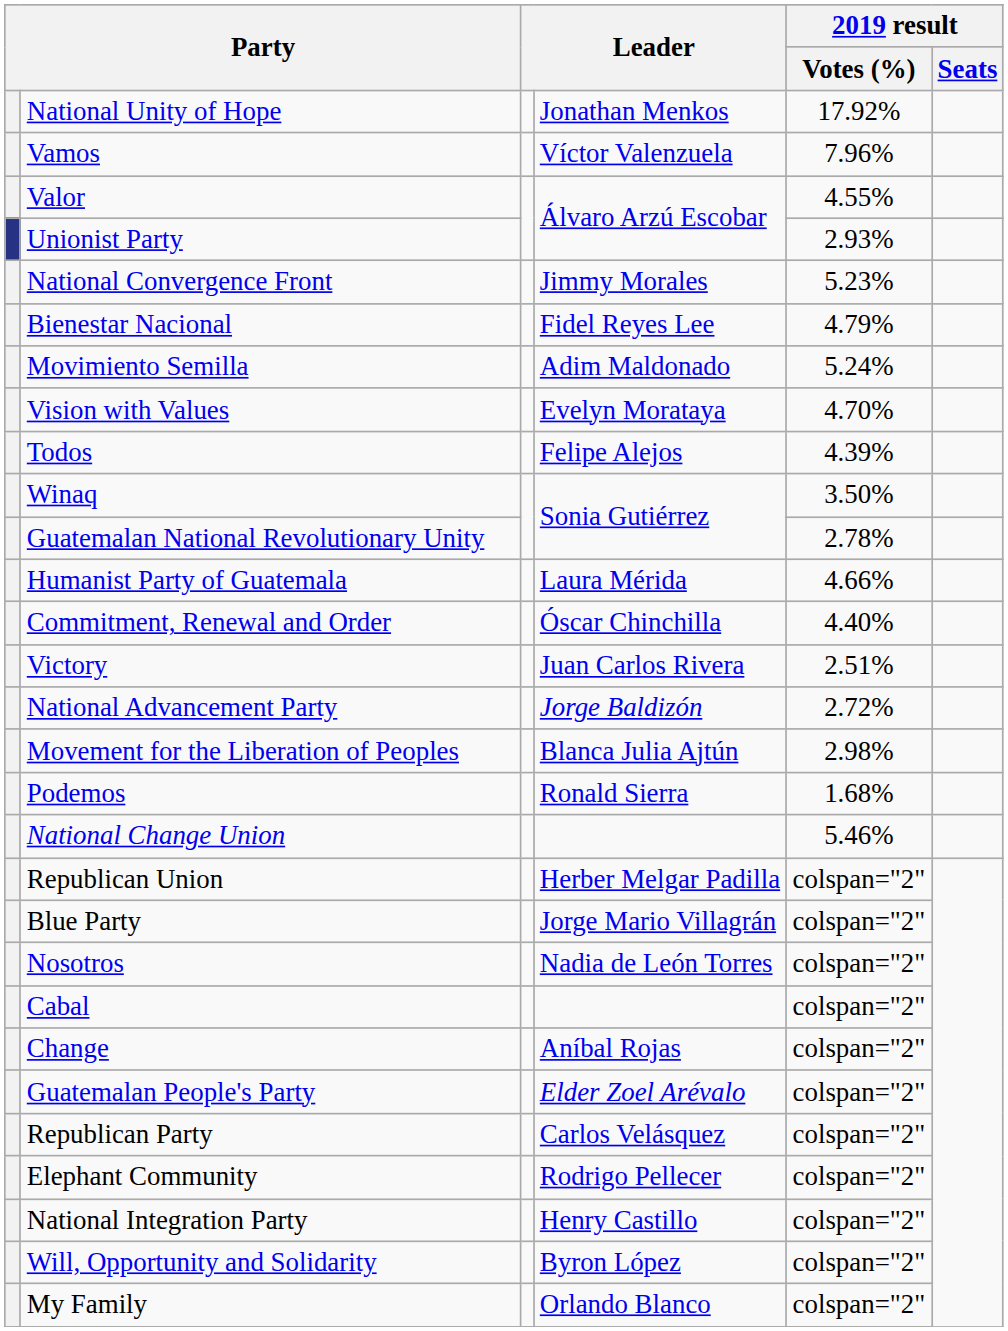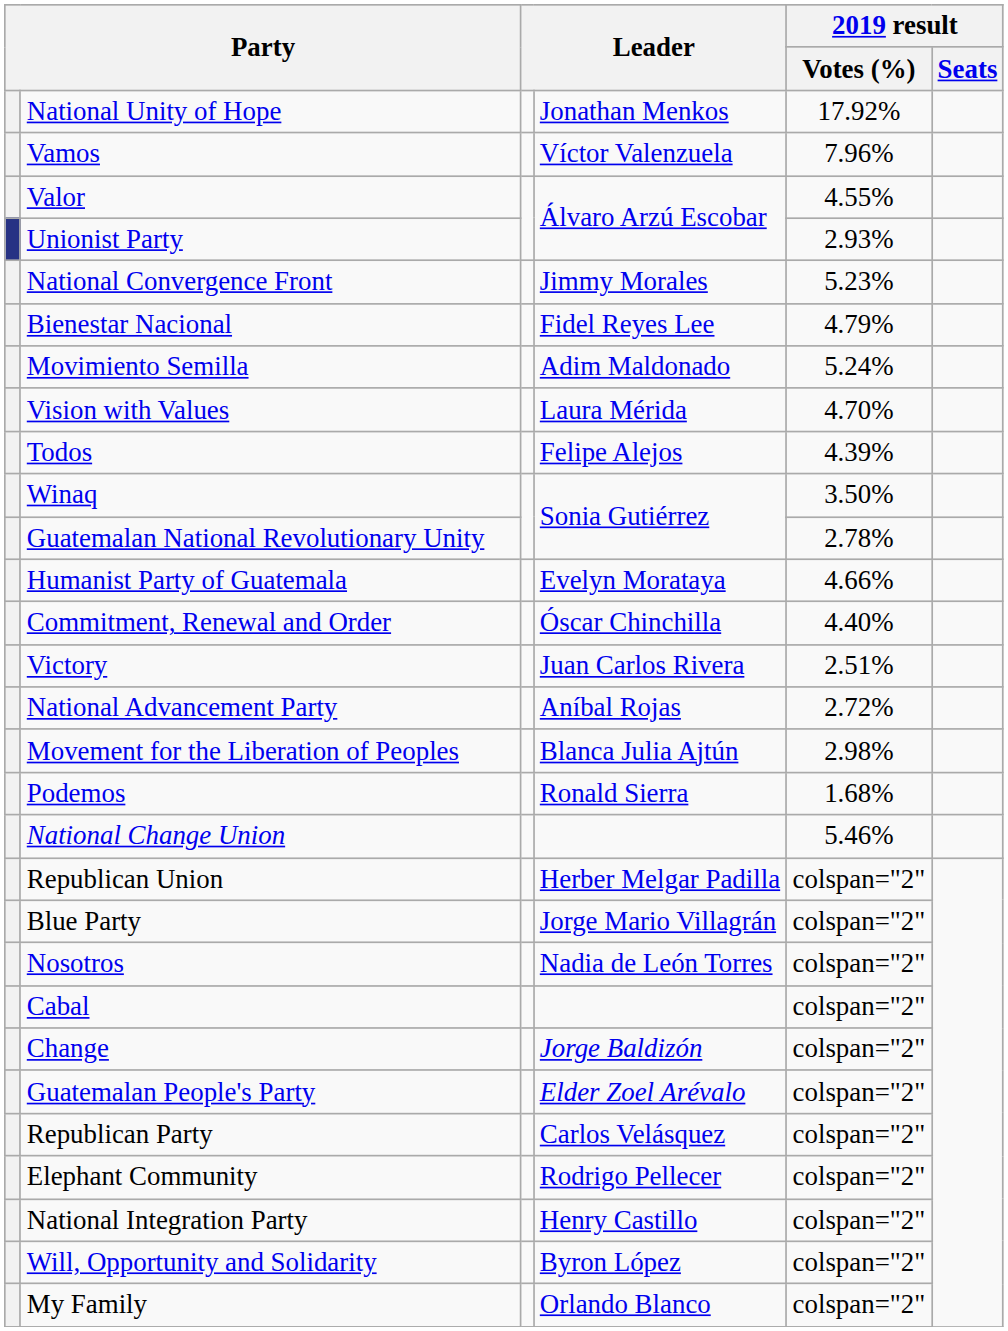 <table class="wikitable sortable">
 <tr>
 <th rowspan=2 colspan=2 width=300px>Party</th>
 <th rowspan=2 colspan=2>Leader</th>
 <th colspan=2><a href='#'>2019</a> result</th>
 </tr>
 <tr>
 <th>Votes (%)</th>
 <th><a href='#'>Seats</a></th>
 </tr>
 <tr>
 <th style="background:"></th>
 <td><a href='#'>National Unity of Hope</a></td>
 <td></td>
 <td><a href='#'>Jonathan Menkos</a></td>
 <td align=center>17.92%</td>
 <td></td>
 </tr>
 <tr>
 <th style="background:"></th>
 <td><a href='#'>Vamos</a></td>
 <td></td>
 <td><a href='#'>Víctor Valenzuela</a></td>
 <td align=center>7.96%</td>
 <td></td>
 </tr>
 <tr>
 <th style="background:"></th>
 <td><a href='#'>Valor</a></td>
 <td rowspan=2></td>
 <td rowspan=2><a href='#'>Álvaro Arzú Escobar</a></td>
 <td align=center>4.55%</td>
 <td></td>
 </tr>
 <tr>
 <th style="background:#273284; width:2px;"></th>
 <td><a href='#'>Unionist Party</a></td>
 <td align=center>2.93%</td>
 <td></td>
 </tr>
 <tr>
 <th style="background:"></th>
 <td><a href='#'>National Convergence Front</a></td>
 <td></td>
 <td><a href='#'>Jimmy Morales</a></td>
 <td align=center>5.23%</td>
 <td></td>
 </tr>
 <tr>
 <th style="background:"></th>
 <td><a href='#'>Bienestar Nacional</a></td>
 <td></td>
 <td><a href='#'>Fidel Reyes Lee</a></td>
 <td align=center>4.79%</td>
 <td></td>
 </tr>
 <tr>
 <th style="background:"></th>
 <td><a href='#'>Movimiento Semilla</a></td>
 <td></td>
 <td><a href='#'>Adim Maldonado</a></td>
 <td align=center>5.24%</td>
 <td></td>
 </tr>
 <tr>
 <th style="background:"></th>
 <td><a href='#'>Vision with Values</a></td>
 <td></td>
-<td><a href='#'>Evelyn Morataya</a></td>
+<td><a href='#'>Laura Mérida</a></td>
 <td align=center>4.70%</td>
 <td></td>
 </tr>
 <tr>
 <th style="background:"></th>
 <td><a href='#'>Todos</a></td>
 <td></td>
 <td><a href='#'>Felipe Alejos</a></td>
 <td align=center>4.39%</td>
 <td></td>
 </tr>
 <tr>
 <th style="background:"></th>
 <td><a href='#'>Winaq</a></td>
 <td rowspan=2></td>
 <td rowspan=2><a href='#'>Sonia Gutiérrez</a></td>
 <td align=center>3.50%</td>
 <td></td>
 </tr>
 <tr>
 <th style="background:"></th>
 <td><a href='#'>Guatemalan National Revolutionary Unity</a></td>
 <td align=center>2.78%</td>
 <td></td>
 </tr>
 <tr>
 <th style="background:"></th>
 <td><a href='#'>Humanist Party of Guatemala</a></td>
 <td></td>
-<td><a href='#'>Laura Mérida</a></td>
+<td><a href='#'>Evelyn Morataya</a></td>
 <td align=center>4.66%</td>
 <td></td>
 </tr>
 <tr>
 <th style="background:"></th>
 <td><a href='#'>Commitment, Renewal and Order</a></td>
 <td></td>
 <td><a href='#'>Óscar Chinchilla</a></td>
 <td align=center>4.40%</td>
 <td></td>
 </tr>
 <tr>
 <th style="background:"></th>
 <td><a href='#'>Victory</a></td>
 <td></td>
 <td><a href='#'>Juan Carlos Rivera</a></td>
 <td align=center>2.51%</td>
 <td></td>
 </tr>
 <tr>
 <th style="background:"></th>
 <td><a href='#'>National Advancement Party</a></td>
 <td></td>
-<td><em><a href='#'>Jorge Baldizón</a></em></td>
+<td><a href='#'>Aníbal Rojas</a></td>
 <td align=center>2.72%</td>
 <td></td>
 </tr>
 <tr>
 <th style="background:"></th>
 <td><a href='#'>Movement for the Liberation of Peoples</a></td>
 <td></td>
 <td><a href='#'>Blanca Julia Ajtún</a></td>
 <td align=center>2.98%</td>
 <td></td>
 </tr>
 <tr>
 <th style="background:"></th>
 <td><a href='#'>Podemos</a></td>
 <td></td>
 <td><a href='#'>Ronald Sierra</a></td>
 <td align=center>1.68%</td>
 <td></td>
 </tr>
 <tr>
 <th style="background:"></th>
 <td><em><a href='#'>National Change Union</a></em></td>
 <td></td>
 <td></td>
 <td align=center>5.46%</td>
 <td></td>
 </tr>
 <tr>
 <th style="background:"></th>
 <td>Republican Union</td>
 <td></td>
 <td><a href='#'>Herber Melgar Padilla</a></td>
 <td>colspan="2" </td>
 </tr>
 <tr>
 <th style="background:"></th>
 <td>Blue Party</td>
 <td></td>
 <td><a href='#'>Jorge Mario Villagrán</a></td>
 <td>colspan="2" </td>
 </tr>
 <tr>
 <th style="background:"></th>
 <td><a href='#'>Nosotros</a></td>
 <td></td>
 <td><a href='#'>Nadia de León Torres</a></td>
 <td>colspan="2" </td>
 </tr>
 <tr>
 <th style="background:"></th>
 <td><a href='#'>Cabal</a></td>
 <td></td>
 <td></td>
 <td>colspan="2" </td>
 </tr>
 <tr>
 <th style="background:"></th>
 <td><a href='#'>Change</a></td>
 <td></td>
-<td><a href='#'>Aníbal Rojas</a></td>
+<td><em><a href='#'>Jorge Baldizón</a></em></td>
 <td>colspan="2" </td>
 </tr>
 <tr>
 <th style="background:"></th>
 <td><a href='#'>Guatemalan People's Party</a></td>
 <td></td>
 <td><em><a href='#'>Elder Zoel Arévalo</a></em></td>
 <td>colspan="2" </td>
 </tr>
 <tr>
 <th style="background:"></th>
 <td>Republican Party</td>
 <td></td>
 <td><a href='#'>Carlos Velásquez</a></td>
 <td>colspan="2" </td>
 </tr>
 <tr>
 <th style="background:"></th>
 <td>Elephant Community</td>
 <td></td>
 <td><a href='#'>Rodrigo Pellecer</a></td>
 <td>colspan="2" </td>
 </tr>
 <tr>
 <th style="background:"></th>
 <td>National Integration Party</td>
 <td></td>
 <td><a href='#'>Henry Castillo</a></td>
 <td>colspan="2" </td>
 </tr>
 <tr>
 <th style="background:"></th>
 <td><a href='#'>Will, Opportunity and Solidarity</a></td>
 <td></td>
 <td><a href='#'>Byron López</a></td>
 <td>colspan="2" </td>
 </tr>
 <tr>
 <th style="background:"></th>
 <td>My Family</td>
 <td></td>
 <td><a href='#'>Orlando Blanco</a></td>
 <td>colspan="2" </td>
 </tr>
 <tr>
 </tr>
 </table>
